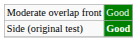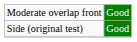 <table class="wikitable">
 <tr>
 <td>Moderate overlap front</td>
 <td style="color:white;background: green">Good</td>
 </tr>
 <tr>
 <td>Side (original test)</td>
-<td style="color:white;background: green"><strong>Good</strong></td>
+<td style="color:white;background: green">Good</td>
 </tr>
 <tr>
 </tr>
 </table>
